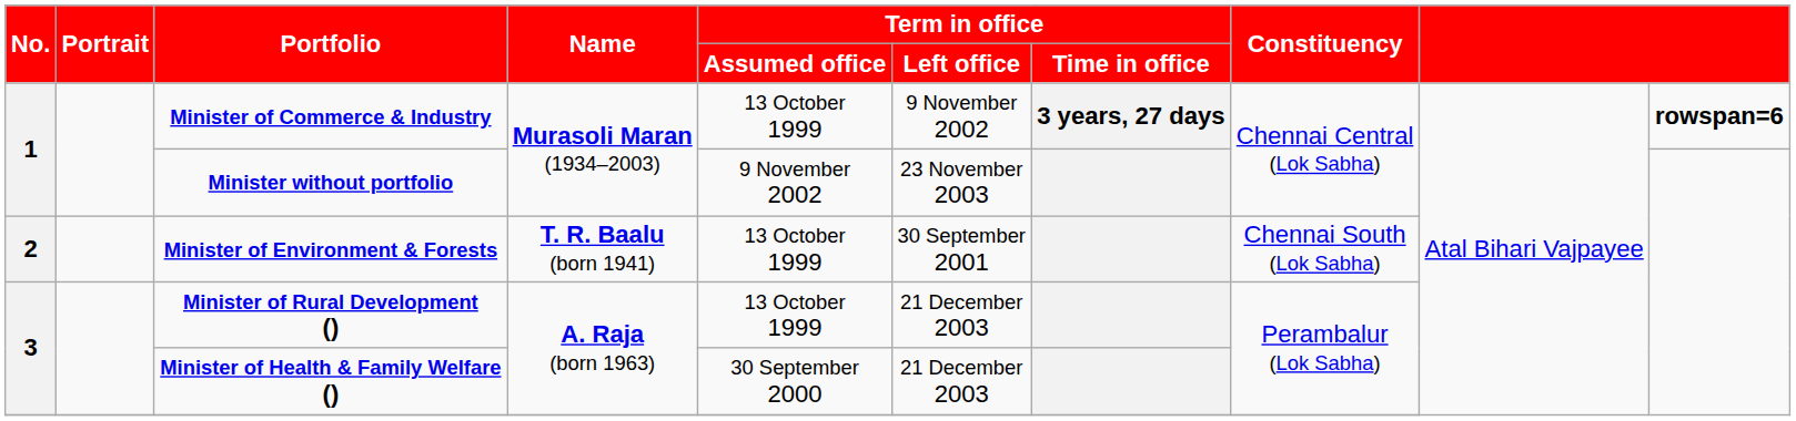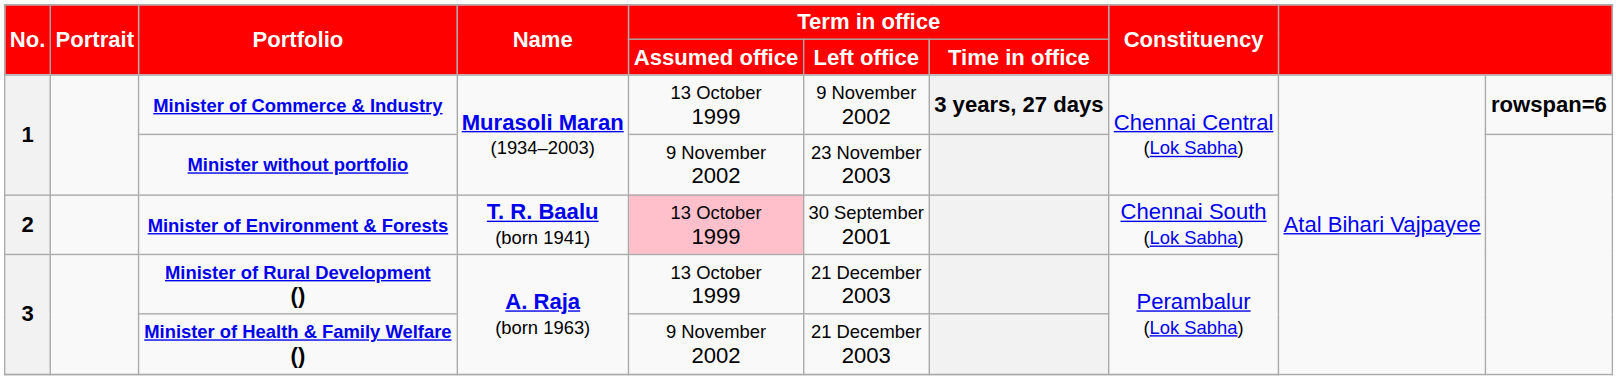 <table class="wikitable sortable" style="text-align:center;">
 <tr>
 <th rowspan=2 style="background-color:#ff0000;color:white">No.</th>
 <th rowspan=2 style="background-color:#ff0000;color:white">Portrait</th>
 <th rowspan=2 style="background-color:#ff0000;color:white">Portfolio</th>
 <th rowspan=2 style="background-color:#ff0000;color:white">Name<br></th>
 <th colspan=3 style="background-color:#ff0000;color:white">Term in office</th>
 <th rowspan=2 style="background-color:#ff0000;color:white">Constituency<br></th>
 <th rowspan=2 colspan=2 style="background-color:#ff0000;color:white"><a href='#'></a></th>
 </tr>
 <tr>
 <th style="background-color:#ff0000;color:white">Assumed office</th>
 <th style="background-color:#ff0000;color:white">Left office</th>
 <th style="background-color:#ff0000;color:white">Time in office</th>
 </tr>
 <tr>
 <th rowspan="2">1</th>
 <td rowspan="2"></td>
 <td><strong><small><a href='#'>Minister of Commerce & Industry</a></small></strong></td>
 <td rowspan="2"><strong><a href='#'>Murasoli Maran</a></strong><br><small>(1934–2003)</small></td>
 <td><small>13 October</small><br>1999</td>
 <td><small>9 November</small><br>2002</td>
 <th><strong>3 years, 27 days</strong></th>
 <td rowspan="2"><a href='#'>Chennai Central</a><br><small>(<a href='#'>Lok Sabha</a>)</small></td>
 <td rowspan=6><a href='#'>Atal Bihari Vajpayee</a></td>
 <td><strong>rowspan=6 </strong></td>
 </tr>
 <tr>
 <td><strong><small><a href='#'>Minister without portfolio</a></small></strong></td>
 <td><small>9 November</small><br>2002</td>
 <td><small>23 November</small><br>2003</td>
 <th><strong></strong></th>
 </tr>
 <tr>
 <th>2</th>
 <td></td>
 <td><strong><small><a href='#'>Minister of Environment & Forests</a></small></strong></td>
 <td><strong><a href='#'>T. R. Baalu</a></strong><br><small>(born 1941)</small></td>
-<td><small>13 October</small><br>1999</td>
+<td style="background: pink;"><small>13 October</small><br>1999</td>
 <td><small>30 September</small><br>2001</td>
 <th><strong></strong></th>
 <td><a href='#'>Chennai South</a><br><small>(<a href='#'>Lok Sabha</a>)</small></td>
 </tr>
 <tr>
 <th rowspan="2">3</th>
 <td rowspan="2"></td>
 <td><strong><small><a href='#'>Minister of Rural Development</a></small></strong><br><strong>()</strong></td>
 <td rowspan="2"><strong><a href='#'>A. Raja</a></strong><br><small>(born 1963)</small></td>
 <td><small>13 October</small><br>1999</td>
 <td><small>21 December</small><br>2003</td>
 <th><strong></strong></th>
 <td rowspan="2"><a href='#'>Perambalur</a><br><small>(<a href='#'>Lok Sabha</a>)</small></td>
 </tr>
 <tr>
 <td><strong><small><a href='#'>Minister of Health & Family Welfare</a></small></strong><br><strong>()</strong></td>
-<td><small>30 September</small><br>2000</td>
+<td><small>9 November</small><br>2002</td>
 <td><small>21 December</small><br>2003</td>
 <th><strong></strong></th>
 </tr>
 <tr>
 </tr>
 </table>
